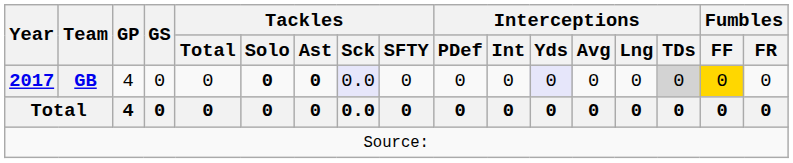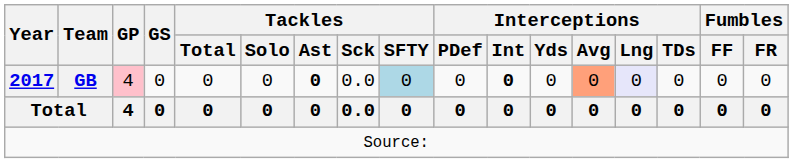 <table class="wikitable" style="text-align: center;">
 <tr>
 <th rowspan=2>Year</th>
 <th rowspan=2>Team</th>
 <th rowspan=2>GP</th>
 <th rowspan=2>GS</th>
 <th colspan=5>Tackles</th>
 <th colspan=6>Interceptions</th>
 <th colspan=2>Fumbles</th>
 </tr>
 <tr>
 <th>Total</th>
 <th>Solo</th>
 <th>Ast</th>
 <th>Sck</th>
 <th>SFTY</th>
 <th>PDef</th>
 <th>Int</th>
 <th>Yds</th>
 <th>Avg</th>
 <th>Lng</th>
 <th>TDs</th>
 <th>FF</th>
 <th>FR</th>
 </tr>
 <tr>
 <th><a href='#'>2017</a></th>
 <th><a href='#'>GB</a></th>
-<td>4</td>
+<td style="background: pink;">4</td>
+<td>0</td>
 <td>0</td>
 <td>0</td>
 <td><strong>0</strong></td>
+<td>0.0</td>
+<td style="background: lightblue;">0</td>
+<td>0</td>
 <td><strong>0</strong></td>
-<td style="background: lavender;">0.0</td>
 <td>0</td>
-<td>0</td>
-<td>0</td>
+<td style="background: lightsalmon;">0</td>
 <td style="background: lavender;">0</td>
 <td>0</td>
 <td>0</td>
-<td style="background: lightgrey;">0</td>
-<td style="background: gold;">0</td>
 <td>0</td>
 </tr>
 <tr>
 <th colspan="2">Total</th>
 <th>4</th>
 <th>0</th>
 <th>0</th>
 <th>0</th>
 <th>0</th>
 <th>0.0</th>
 <th>0</th>
 <th>0</th>
 <th>0</th>
 <th>0</th>
 <th>0</th>
 <th>0</th>
 <th>0</th>
 <th>0</th>
 <th>0</th>
 </tr>
 <tr>
 <td colspan="17"><small>Source: </small></td>
 </tr>
 </table>
